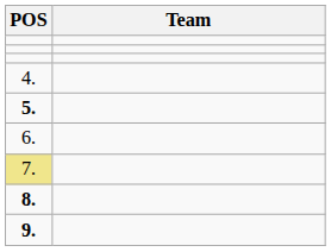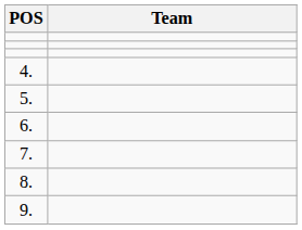 <table class=wikitable style="text-align:center">
 <tr>
 <th width=20>POS</th>
 <th width=220>Team</th>
 </tr>
 <tr>
 <td align=center></td>
 <td align=left></td>
 </tr>
 <tr>
 <td align=center></td>
 <td align=left></td>
 </tr>
 <tr>
 <td align=center></td>
 <td align=left></td>
 </tr>
 <tr>
 <td align=center>4.</td>
 <td align=left></td>
 </tr>
 <tr>
-<td align=center><strong>5.</strong></td>
+<td align=center>5.</td>
 <td align=left></td>
 </tr>
 <tr>
 <td align=center>6.</td>
 <td align=left></td>
 </tr>
 <tr>
-<td align=center style="background: khaki;">7.</td>
+<td align=center>7.</td>
 <td align=left></td>
 </tr>
 <tr>
-<td align=center><strong>8.</strong></td>
+<td align=center>8.</td>
 <td align=left></td>
 </tr>
 <tr>
-<td align=center><strong>9.</strong></td>
+<td align=center>9.</td>
 <td align=left></td>
 </tr>
 </table>
